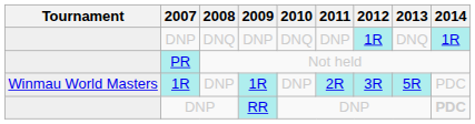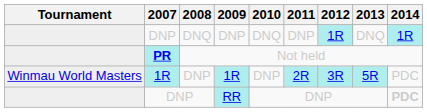 <table class="wikitable">
 <tr>
 <th>Tournament</th>
 <th>2007</th>
 <th>2008</th>
 <th>2009</th>
 <th>2010</th>
 <th>2011</th>
 <th>2012</th>
 <th>2013</th>
 <th>2014</th>
 </tr>
 <tr>
 <td style="background:#efefef;"></td>
 <td style="text-align:center; color:#ccc;">DNP</td>
 <td style="text-align:center; color:#ccc;">DNQ</td>
 <td style="text-align:center; color:#ccc;">DNP</td>
 <td style="text-align:center; color:#ccc;">DNQ</td>
 <td style="text-align:center; color:#ccc;">DNP</td>
 <td style="text-align:center; background:#afeeee;"><a href='#'>1R</a></td>
 <td style="text-align:center; color:#ccc;">DNQ</td>
 <td style="text-align:center; background:#afeeee;"><a href='#'>1R</a></td>
 </tr>
 <tr>
 <td style="background:#efefef;"></td>
-<td style="text-align:center; background:#afeeee;"><a href='#'>PR</a></td>
+<td style="text-align:center; background:#afeeee;"><strong><a href='#'>PR</a></strong></td>
 <td colspan="7" style="text-align:center; color:#ccc;">Not held</td>
 </tr>
 <tr>
 <td style="background:#efefef;"><a href='#'>Winmau World Masters</a></td>
 <td style="text-align:center; background:#afeeee;"><a href='#'>1R</a></td>
 <td style="text-align:center; color:#ccc;">DNP</td>
 <td style="text-align:center; background:#afeeee;"><a href='#'>1R</a></td>
 <td style="text-align:center; color:#ccc;">DNP</td>
 <td style="text-align:center; background:#afeeee;"><a href='#'>2R</a></td>
 <td style="text-align:center; background:#afeeee;"><a href='#'>3R</a></td>
 <td style="text-align:center; background:#afeeee;"><a href='#'>5R</a></td>
 <td style="text-align:center; color:#ccc;">PDC</td>
 </tr>
 <tr>
 <td style="background:#efefef;"></td>
 <td colspan="2" style="text-align:center; color:#ccc;">DNP</td>
 <td style="text-align:center; background:#afeeee;"><a href='#'>RR</a></td>
 <td colspan="4" style="text-align:center; color:#ccc;">DNP</td>
 <td style="text-align:center; color:#ccc;"><strong>PDC</strong></td>
 </tr>
 </table>
